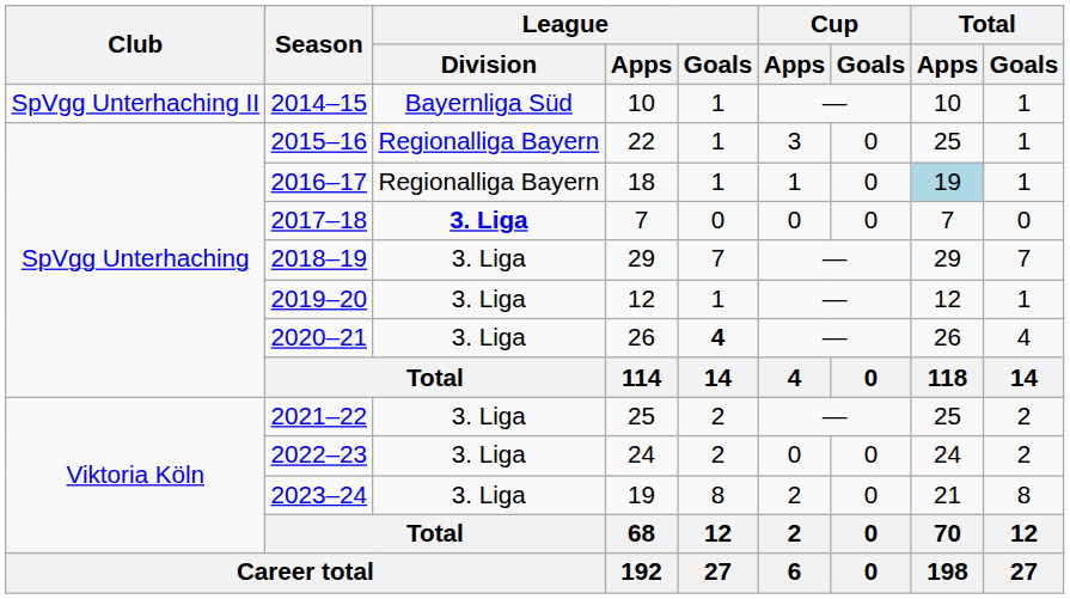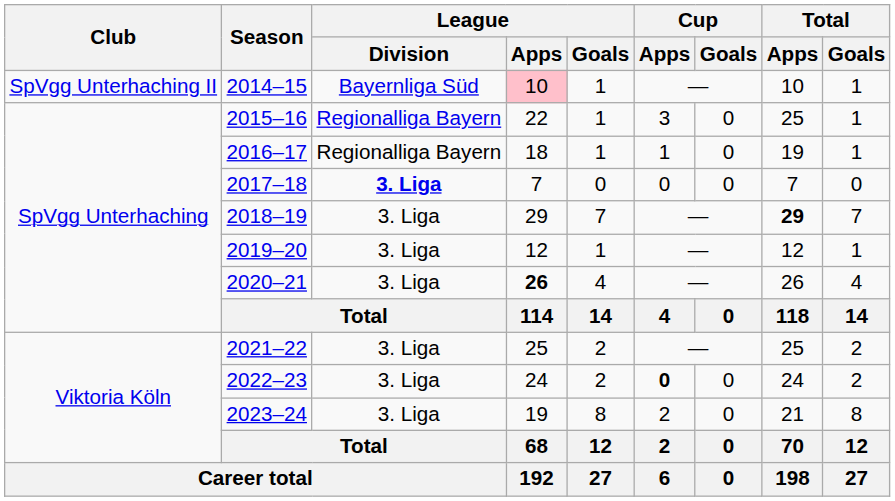 <table class="wikitable" style="text-align:center">
 <tr>
 <th rowspan="2">Club</th>
 <th rowspan="2">Season</th>
 <th colspan="3">League</th>
 <th colspan="2">Cup</th>
 <th colspan="2">Total</th>
 </tr>
 <tr>
 <th>Division</th>
 <th>Apps</th>
 <th>Goals</th>
 <th>Apps</th>
 <th>Goals</th>
 <th>Apps</th>
 <th>Goals</th>
 </tr>
 <tr>
 <td><a href='#'>SpVgg Unterhaching II</a></td>
 <td><a href='#'>2014–15</a></td>
 <td><a href='#'>Bayernliga Süd</a></td>
-<td>10</td>
+<td style="background: pink;">10</td>
 <td>1</td>
 <td colspan="2">—</td>
 <td>10</td>
 <td>1</td>
 </tr>
 <tr>
 <td rowspan="7"><a href='#'>SpVgg Unterhaching</a></td>
 <td><a href='#'>2015–16</a></td>
 <td><a href='#'>Regionalliga Bayern</a></td>
 <td>22</td>
 <td>1</td>
 <td>3</td>
 <td>0</td>
 <td>25</td>
 <td>1</td>
 </tr>
 <tr>
 <td><a href='#'>2016–17</a></td>
 <td>Regionalliga Bayern</td>
 <td>18</td>
 <td>1</td>
 <td>1</td>
 <td>0</td>
-<td style="background: lightblue;">19</td>
+<td>19</td>
 <td>1</td>
 </tr>
 <tr>
 <td><a href='#'>2017–18</a></td>
 <td><strong><a href='#'>3. Liga</a></strong></td>
 <td>7</td>
 <td>0</td>
 <td>0</td>
 <td>0</td>
 <td>7</td>
 <td>0</td>
 </tr>
 <tr>
 <td><a href='#'>2018–19</a></td>
 <td>3. Liga</td>
 <td>29</td>
 <td>7</td>
 <td colspan="2">—</td>
-<td>29</td>
+<td><strong>29</strong></td>
 <td>7</td>
 </tr>
 <tr>
 <td><a href='#'>2019–20</a></td>
 <td>3. Liga</td>
 <td>12</td>
 <td>1</td>
 <td colspan="2">—</td>
 <td>12</td>
 <td>1</td>
 </tr>
 <tr>
 <td><a href='#'>2020–21</a></td>
 <td>3. Liga</td>
-<td>26</td>
-<td><strong>4</strong></td>
+<td><strong>26</strong></td>
+<td>4</td>
 <td colspan="2">—</td>
 <td>26</td>
 <td>4</td>
 </tr>
 <tr>
 <th colspan="2">Total</th>
 <th>114</th>
 <th>14</th>
 <th>4</th>
 <th>0</th>
 <th>118</th>
 <th>14</th>
 </tr>
 <tr>
 <td rowspan="4"><a href='#'>Viktoria Köln</a></td>
 <td><a href='#'>2021–22</a></td>
 <td>3. Liga</td>
 <td>25</td>
 <td>2</td>
 <td colspan="2">—</td>
 <td>25</td>
 <td>2</td>
 </tr>
 <tr>
 <td><a href='#'>2022–23</a></td>
 <td>3. Liga</td>
 <td>24</td>
 <td>2</td>
-<td>0</td>
+<td><strong>0</strong></td>
 <td>0</td>
 <td>24</td>
 <td>2</td>
 </tr>
 <tr>
 <td><a href='#'>2023–24</a></td>
 <td>3. Liga</td>
 <td>19</td>
 <td>8</td>
 <td>2</td>
 <td>0</td>
 <td>21</td>
 <td>8</td>
 </tr>
 <tr>
 <th colspan="2">Total</th>
 <th>68</th>
 <th>12</th>
 <th>2</th>
 <th>0</th>
 <th>70</th>
 <th>12</th>
 </tr>
 <tr>
 <th colspan="3">Career total</th>
 <th>192</th>
 <th>27</th>
 <th>6</th>
 <th>0</th>
 <th>198</th>
 <th>27</th>
 </tr>
 </table>
